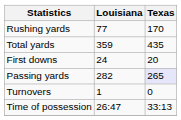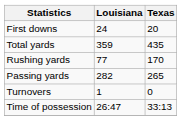 <table class="wikitable" style="float: left;">
 <tr>
 <th>Statistics</th>
 <th>Louisiana</th>
 <th>Texas</th>
 </tr>
 <tr>
-<td>Rushing yards</td>
-<td>77</td>
-<td>170</td>
+<td>First downs</td>
+<td>24</td>
+<td>20</td>
 </tr>
 <tr>
 <td>Total yards</td>
 <td>359</td>
 <td>435</td>
 </tr>
 <tr>
-<td>First downs</td>
-<td>24</td>
-<td>20</td>
+<td>Rushing yards</td>
+<td>77</td>
+<td>170</td>
 </tr>
 <tr>
 <td>Passing yards</td>
 <td>282</td>
-<td style="background: lavender;">265</td>
+<td>265</td>
 </tr>
 <tr>
 <td>Turnovers</td>
 <td>1</td>
 <td>0</td>
 </tr>
 <tr>
 <td>Time of possession</td>
 <td>26:47</td>
 <td>33:13</td>
 </tr>
 <tr>
 </tr>
 </table>
